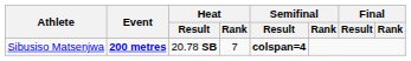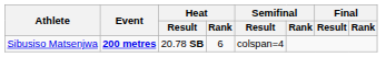 <table class="wikitable" style="font-size:90%">
 <tr>
 <th rowspan="2">Athlete</th>
 <th rowspan="2">Event</th>
 <th colspan="2">Heat</th>
 <th colspan="2">Semifinal</th>
 <th colspan="2">Final</th>
 </tr>
 <tr style="font-size:95%">
 <th>Result</th>
 <th>Rank</th>
 <th>Result</th>
 <th>Rank</th>
 <th>Result</th>
 <th>Rank</th>
 </tr>
 <tr style=text-align:center>
 <td style=text-align:left><a href='#'>Sibusiso Matsenjwa</a></td>
 <td style=text-align:left><strong><a href='#'>200 metres</a></strong></td>
 <td>20.78 <strong>SB</strong></td>
-<td>7</td>
-<td><strong>colspan=4 </strong></td>
+<td>6</td>
+<td>colspan=4 </td>
 </tr>
 </table>
